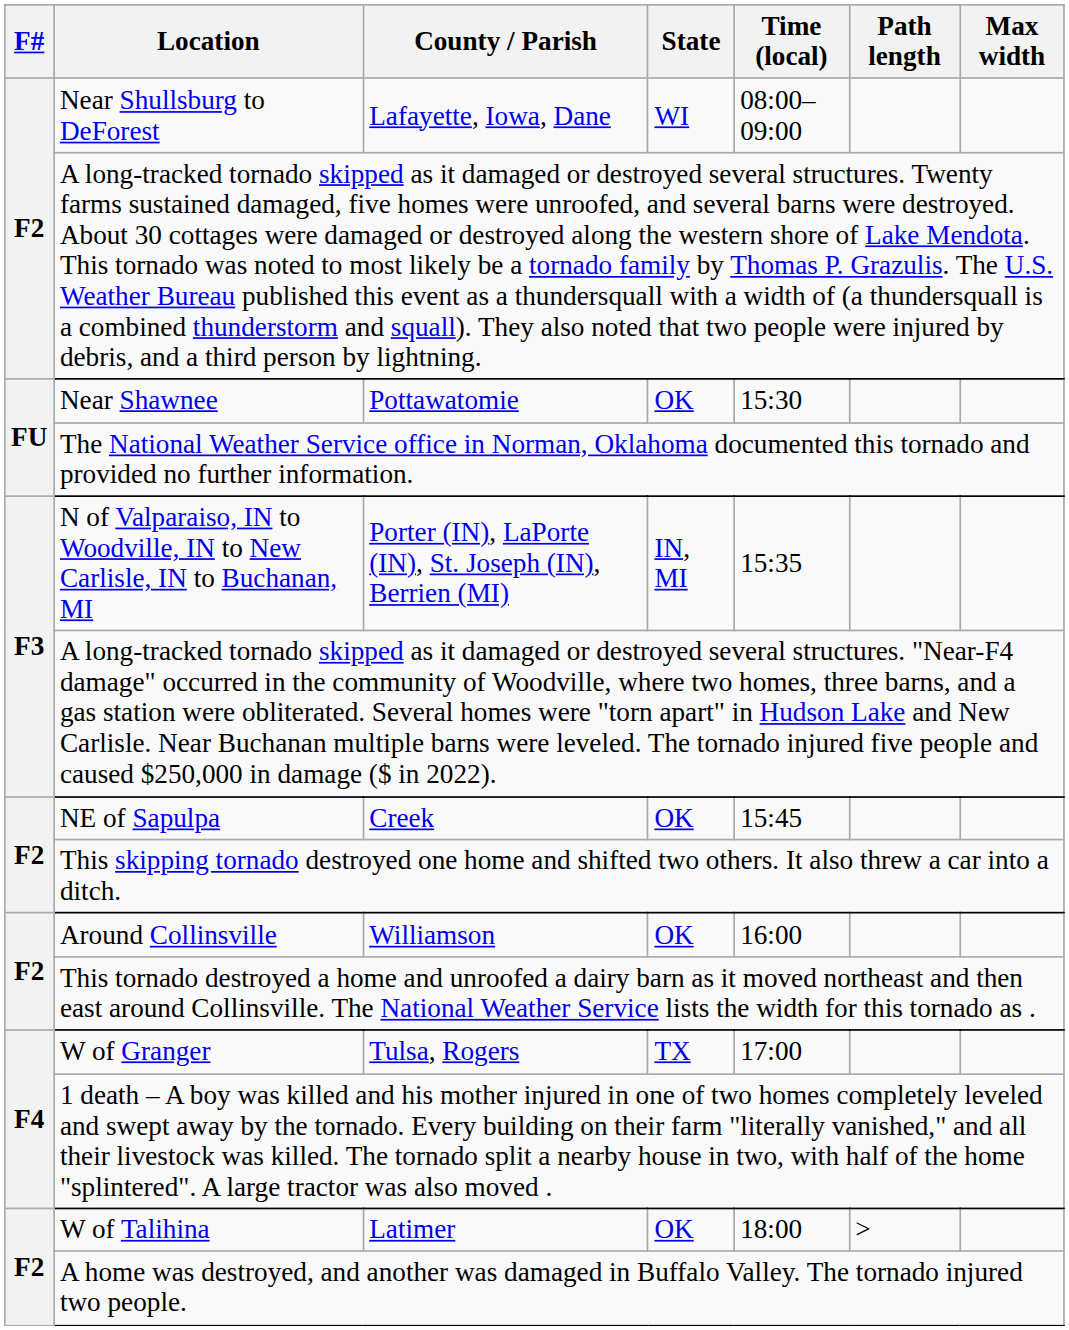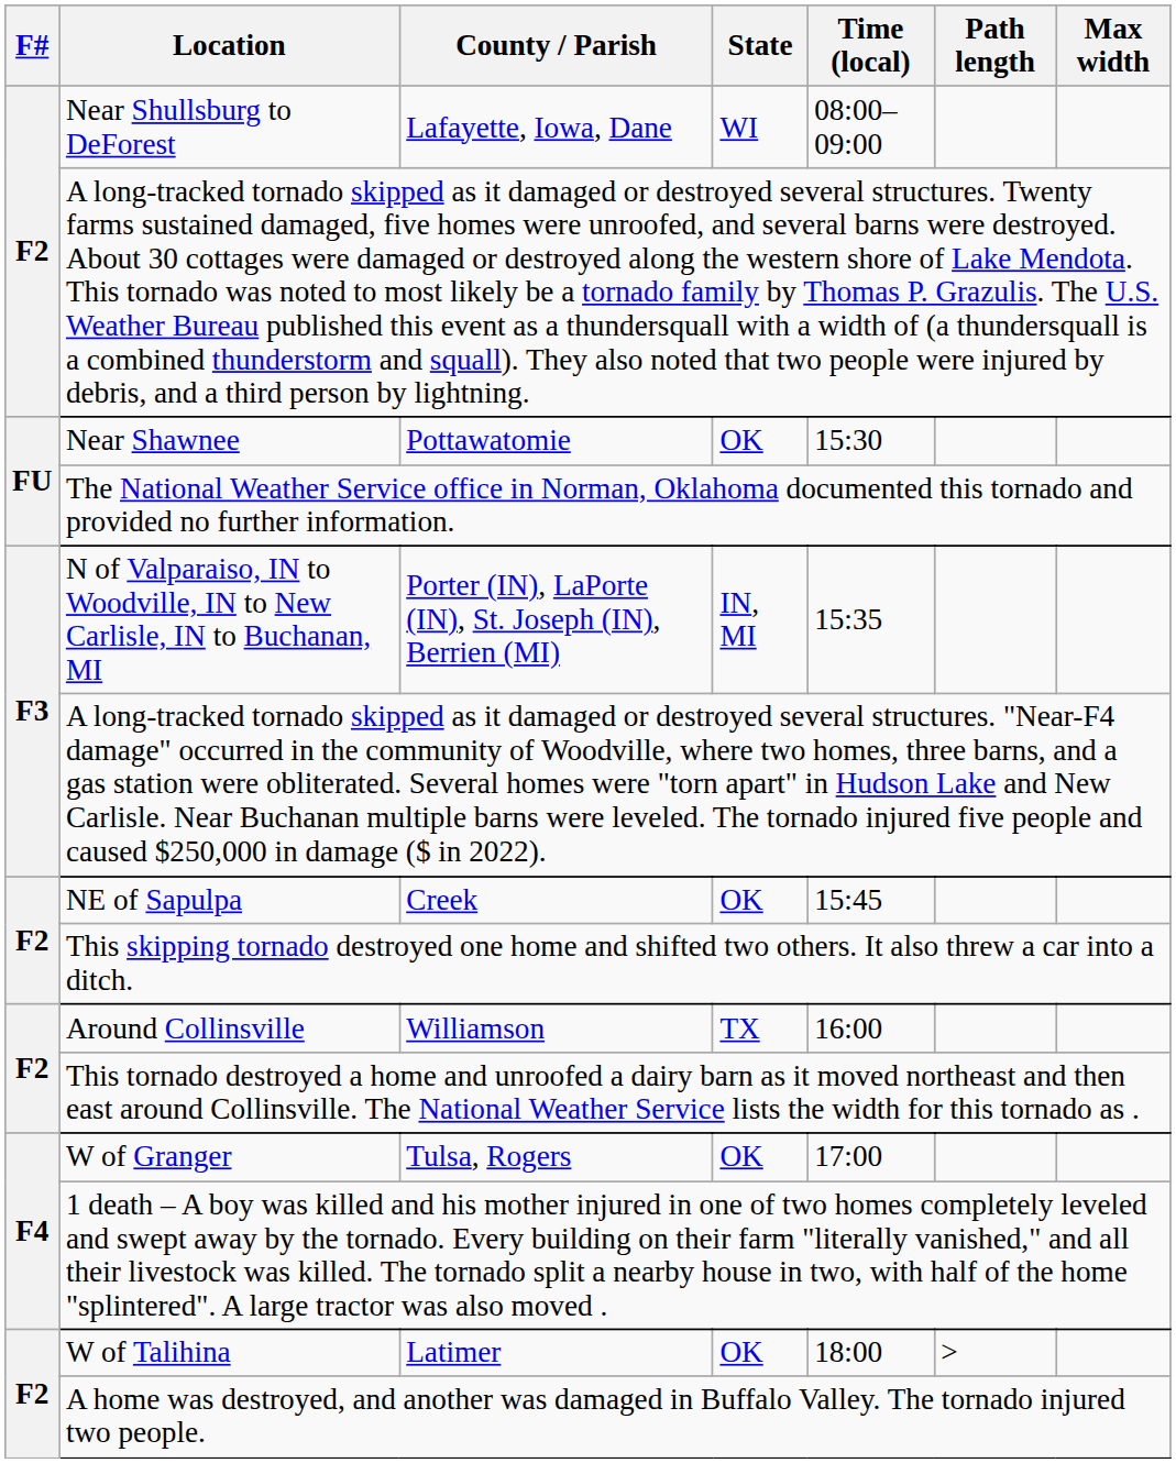 <table class="wikitable sortable" style="width:100%;">
 <tr>
 <th scope="col" align="center"><a href='#'>F#</a><br></th>
 <th scope="col" align="center" class="unsortable">Location</th>
 <th scope="col" align="center" class="unsortable">County / Parish</th>
 <th scope="col" align="center">State</th>
 <th scope="col" align="center">Time (local)</th>
 <th scope="col" align="center">Path length</th>
 <th scope="col" align="center">Max width</th>
 </tr>
 <tr>
 <th scope="row" rowspan="2" style="background-color:#">F2</th>
 <td>Near <a href='#'>Shullsburg</a> to <a href='#'>DeForest</a></td>
 <td><a href='#'>Lafayette</a>, <a href='#'>Iowa</a>, <a href='#'>Dane</a></td>
 <td><a href='#'>WI</a></td>
 <td>08:00–09:00</td>
 <td></td>
 <td></td>
 </tr>
 <tr class="expand-child">
 <td colspan="6" style="border-bottom: 1px solid black;">A long-tracked tornado <a href='#'>skipped</a> as it damaged or destroyed several structures. Twenty farms sustained damaged, five homes were unroofed, and several barns were destroyed. About 30 cottages were damaged or destroyed along the western shore of <a href='#'>Lake Mendota</a>. This tornado was noted to most likely be a <a href='#'>tornado family</a> by <a href='#'>Thomas P. Grazulis</a>. The <a href='#'>U.S. Weather Bureau</a> published this event as a thundersquall with a width of  (a thundersquall is a combined <a href='#'>thunderstorm</a> and <a href='#'>squall</a>). They also noted that two people were injured by debris, and a third person by lightning.</td>
 </tr>
 <tr>
 <th scope="row" rowspan="2" style="background-color:#">FU</th>
 <td>Near <a href='#'>Shawnee</a></td>
 <td><a href='#'>Pottawatomie</a></td>
 <td><a href='#'>OK</a></td>
 <td>15:30</td>
 <td></td>
 <td></td>
 </tr>
 <tr class="expand-child">
 <td colspan="6" style="border-bottom: 1px solid black;">The <a href='#'>National Weather Service office in Norman, Oklahoma</a> documented this tornado and provided no further information.</td>
 </tr>
 <tr>
 <th scope="row" rowspan="2" style="background-color:#">F3</th>
 <td>N of <a href='#'>Valparaiso, IN</a> to <a href='#'>Woodville, IN</a> to <a href='#'>New Carlisle, IN</a> to <a href='#'>Buchanan, MI</a></td>
 <td><a href='#'>Porter (IN)</a>, <a href='#'>LaPorte (IN)</a>, <a href='#'>St. Joseph (IN)</a>, <a href='#'>Berrien (MI)</a></td>
 <td><a href='#'>IN</a>, <a href='#'>MI</a></td>
 <td>15:35</td>
 <td></td>
 <td></td>
 </tr>
 <tr class="expand-child">
 <td colspan="6" style="border-bottom: 1px solid black;">A long-tracked tornado <a href='#'>skipped</a> as it damaged or destroyed several structures. "Near-F4 damage" occurred in the community of Woodville, where two homes, three barns, and a gas station were obliterated. Several homes were "torn apart" in <a href='#'>Hudson Lake</a> and New Carlisle. Near Buchanan multiple barns were leveled. The tornado injured five people and caused $250,000 in damage ($ in 2022).</td>
 </tr>
 <tr>
 <th scope="row" rowspan="2" style="background-color:#">F2</th>
 <td>NE of <a href='#'>Sapulpa</a></td>
 <td><a href='#'>Creek</a></td>
 <td><a href='#'>OK</a></td>
 <td>15:45</td>
 <td></td>
 <td></td>
 </tr>
 <tr class="expand-child">
 <td colspan="6" style="border-bottom: 1px solid black;">This <a href='#'>skipping tornado</a> destroyed one home and shifted two others. It also threw a car into a ditch.</td>
 </tr>
 <tr>
 <th scope="row" rowspan="2" style="background-color:#">F2</th>
 <td>Around <a href='#'>Collinsville</a></td>
 <td><a href='#'>Williamson</a></td>
-<td><a href='#'>OK</a></td>
+<td><a href='#'>TX</a></td>
 <td>16:00</td>
 <td></td>
 <td></td>
 </tr>
 <tr class="expand-child">
 <td colspan="6" style="border-bottom: 1px solid black;">This tornado destroyed a home and unroofed a dairy barn as it moved northeast and then east around Collinsville. The <a href='#'>National Weather Service</a> lists the width for this tornado as .</td>
 </tr>
 <tr>
 <th scope="row" rowspan="2" style="background-color:#">F4</th>
 <td>W of <a href='#'>Granger</a></td>
 <td><a href='#'>Tulsa</a>, <a href='#'>Rogers</a></td>
-<td><a href='#'>TX</a></td>
+<td><a href='#'>OK</a></td>
 <td>17:00</td>
 <td></td>
 <td></td>
 </tr>
 <tr class="expand-child">
 <td colspan="6" style="border-bottom: 1px solid black;">1 death – A boy was killed and his mother injured in one of two homes completely leveled and swept away by the tornado. Every building on their farm "literally vanished," and all their livestock was killed. The tornado split a nearby house in two, with half of the home "splintered". A large tractor was also moved .</td>
 </tr>
 <tr>
 <th scope="row" rowspan="2" style="background-color:#">F2</th>
 <td>W of <a href='#'>Talihina</a></td>
 <td><a href='#'>Latimer</a></td>
 <td><a href='#'>OK</a></td>
 <td>18:00</td>
 <td>></td>
 <td></td>
 </tr>
 <tr class="expand-child">
 <td colspan="6" style="border-bottom: 1px solid black;">A home was destroyed, and another was damaged in Buffalo Valley. The tornado injured two people.</td>
 </tr>
 </table>
